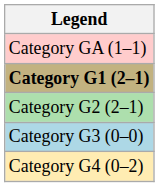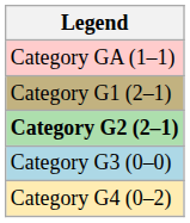 <table class=wikitable style=font-size:85%>
 <tr>
 <th>Legend</th>
 </tr>
 <tr bgcolor="ffcccc">
 <td>Category GA (1–1)</td>
 </tr>
 <tr bgcolor=C2B280>
-<td><strong>Category G1 (2–1)</strong></td>
+<td>Category G1 (2–1)</td>
 </tr>
 <tr bgcolor=ADDFAD>
-<td>Category G2 (2–1)</td>
+<td><strong>Category G2 (2–1)</strong></td>
 </tr>
 <tr bgcolor=lightblue>
 <td>Category G3 (0–0)</td>
 </tr>
 <tr bgcolor=ffecb2>
 <td>Category G4 (0–2)</td>
 </tr>
 </table>
